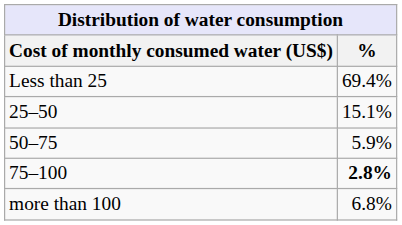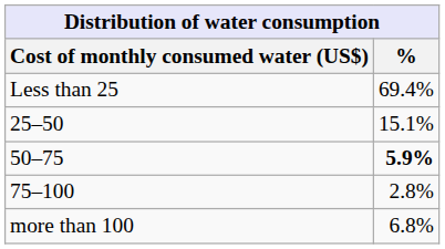 <table class="wikitable">
 <tr>
 <th style="background:#E6E6FA" colspan=2>Distribution of water consumption</th>
 </tr>
 <tr>
 <th>Cost of monthly consumed water (US$)</th>
 <th>%<br></th>
 </tr>
 <tr>
 <td>Less than 25</td>
 <td align="right">69.4%</td>
 </tr>
 <tr>
 <td>25–50</td>
 <td align="right">15.1%</td>
 </tr>
 <tr>
 <td>50–75</td>
-<td align="right">5.9%</td>
+<td align="right"><strong>5.9%</strong></td>
 </tr>
 <tr>
 <td>75–100</td>
-<td align="right"><strong>2.8%</strong></td>
+<td align="right">2.8%</td>
 </tr>
 <tr>
 <td>more than 100</td>
 <td align="right">6.8%</td>
 </tr>
 </table>
